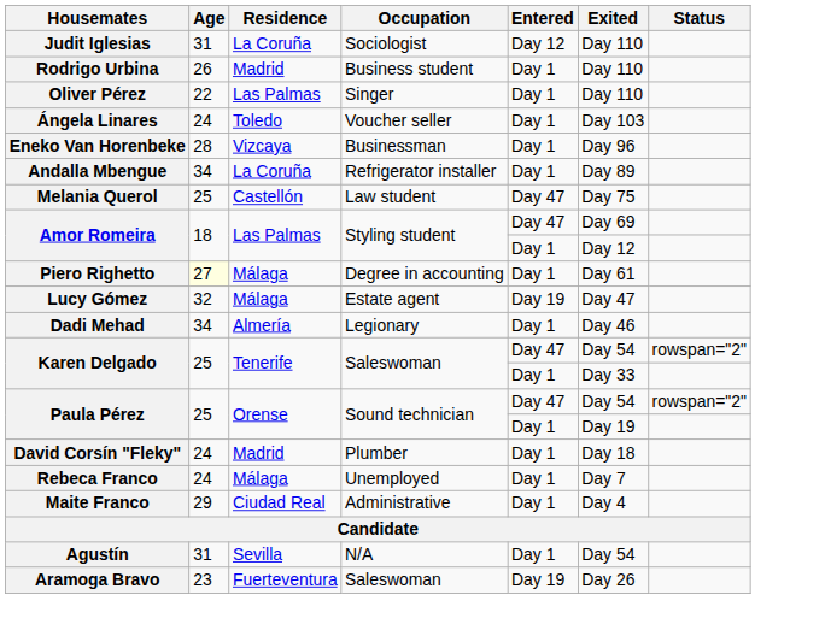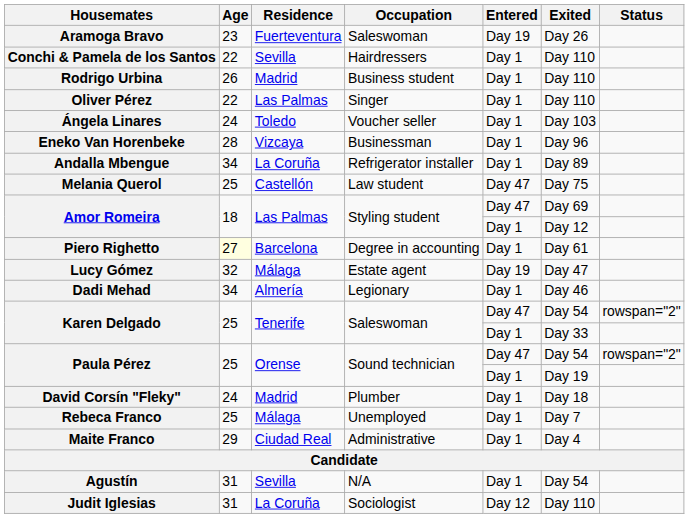 <table class="wikitable sortable" style="text-align:left; line-height:17px; width:auto;">
 <tr>
 <th>Housemates</th>
 <th>Age</th>
 <th>Residence</th>
 <th>Occupation</th>
 <th>Entered</th>
 <th>Exited</th>
 <th>Status</th>
 </tr>
 <tr>
-<th>Judit Iglesias</th>
-<td>31</td>
-<td><a href='#'>La Coruña</a></td>
-<td>Sociologist</td>
-<td>Day 12</td>
+<th>Aramoga Bravo</th>
+<td>23</td>
+<td><a href='#'>Fuerteventura</a></td>
+<td>Saleswoman</td>
+<td>Day 19</td>
+<td>Day 26</td>
+<td></td>
+</tr>
+<tr>
+<th>Conchi & Pamela de los Santos</th>
+<td>22</td>
+<td><a href='#'>Sevilla</a></td>
+<td>Hairdressers</td>
+<td>Day 1</td>
 <td>Day 110</td>
 <td></td>
 </tr>
 <tr>
 <th>Rodrigo Urbina</th>
 <td>26</td>
 <td><a href='#'>Madrid</a></td>
 <td>Business student</td>
 <td>Day 1</td>
 <td>Day 110</td>
 <td></td>
 </tr>
 <tr>
 <th>Oliver Pérez</th>
 <td>22</td>
 <td><a href='#'>Las Palmas</a></td>
 <td>Singer</td>
 <td>Day 1</td>
 <td>Day 110</td>
 <td></td>
 </tr>
 <tr>
 <th>Ángela Linares</th>
 <td>24</td>
 <td><a href='#'>Toledo</a></td>
 <td>Voucher seller</td>
 <td>Day 1</td>
 <td>Day 103</td>
 <td></td>
 </tr>
 <tr>
 <th>Eneko Van Horenbeke</th>
 <td>28</td>
 <td><a href='#'>Vizcaya</a></td>
 <td>Businessman</td>
 <td>Day 1</td>
 <td>Day 96</td>
 <td></td>
 </tr>
 <tr>
 <th>Andalla Mbengue</th>
 <td>34</td>
 <td><a href='#'>La Coruña</a></td>
 <td>Refrigerator installer</td>
 <td>Day 1</td>
 <td>Day 89</td>
 <td></td>
 </tr>
 <tr>
 <th>Melania Querol</th>
 <td>25</td>
 <td><a href='#'>Castellón</a></td>
 <td>Law student</td>
 <td>Day 47</td>
 <td>Day 75</td>
 <td></td>
 </tr>
 <tr>
 <th rowspan="2"><a href='#'>Amor Romeira</a></th>
 <td rowspan="2">18</td>
 <td rowspan="2"><a href='#'>Las Palmas</a></td>
 <td rowspan="2">Styling student</td>
 <td>Day 47</td>
 <td>Day 69</td>
 <td></td>
 </tr>
 <tr>
 <td>Day 1</td>
 <td>Day 12</td>
 <td></td>
 </tr>
 <tr>
 <th>Piero Righetto</th>
 <td style="background: lightyellow;">27</td>
-<td><a href='#'>Málaga</a></td>
+<td><a href='#'>Barcelona</a></td>
 <td>Degree in accounting</td>
 <td>Day 1</td>
 <td>Day 61</td>
 <td></td>
 </tr>
 <tr>
 <th>Lucy Gómez</th>
 <td>32</td>
 <td><a href='#'>Málaga</a></td>
 <td>Estate agent</td>
 <td>Day 19</td>
 <td>Day 47</td>
 <td></td>
 </tr>
 <tr>
 <th>Dadi Mehad</th>
 <td>34</td>
 <td><a href='#'>Almería</a></td>
 <td>Legionary</td>
 <td>Day 1</td>
 <td>Day 46</td>
 <td></td>
 </tr>
 <tr>
 <th rowspan="2">Karen Delgado</th>
 <td rowspan="2">25</td>
 <td rowspan="2"><a href='#'>Tenerife</a></td>
 <td rowspan="2">Saleswoman</td>
 <td>Day 47</td>
 <td>Day 54</td>
 <td>rowspan="2" </td>
 </tr>
 <tr>
 <td>Day 1</td>
 <td>Day 33</td>
 </tr>
 <tr>
 <th rowspan="2">Paula Pérez</th>
 <td rowspan="2">25</td>
 <td rowspan="2"><a href='#'>Orense</a></td>
 <td rowspan="2">Sound technician</td>
 <td>Day 47</td>
 <td>Day 54</td>
 <td>rowspan="2" </td>
 </tr>
 <tr>
 <td>Day 1</td>
 <td>Day 19</td>
 </tr>
 <tr>
 <th>David Corsín "Fleky"</th>
 <td>24</td>
 <td><a href='#'>Madrid</a></td>
 <td>Plumber</td>
 <td>Day 1</td>
 <td>Day 18</td>
 <td></td>
 </tr>
 <tr>
 <th>Rebeca Franco</th>
-<td>24</td>
+<td>25</td>
 <td><a href='#'>Málaga</a></td>
 <td>Unemployed</td>
 <td>Day 1</td>
 <td>Day 7</td>
 <td></td>
 </tr>
 <tr>
 <th>Maite Franco</th>
 <td>29</td>
 <td><a href='#'>Ciudad Real</a></td>
 <td>Administrative</td>
 <td>Day 1</td>
 <td>Day 4</td>
 <td></td>
 </tr>
 <tr>
 <th colspan="7">Candidate</th>
 </tr>
 <tr>
 <th>Agustín</th>
 <td>31</td>
 <td><a href='#'>Sevilla</a></td>
 <td>N/A</td>
 <td>Day 1</td>
 <td>Day 54</td>
 <td></td>
 </tr>
 <tr>
-<th>Aramoga Bravo</th>
-<td>23</td>
-<td><a href='#'>Fuerteventura</a></td>
-<td>Saleswoman</td>
-<td>Day 19</td>
-<td>Day 26</td>
+<th>Judit Iglesias</th>
+<td>31</td>
+<td><a href='#'>La Coruña</a></td>
+<td>Sociologist</td>
+<td>Day 12</td>
+<td>Day 110</td>
 <td></td>
 </tr>
 </table>
